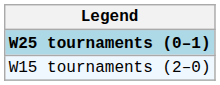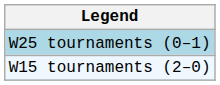 <table class="wikitable" style="font-size:85%">
 <tr>
 <th>Legend</th>
 </tr>
 <tr style="background:lightblue;">
-<td><strong>W25 tournaments (0–1)</strong></td>
+<td>W25 tournaments (0–1)</td>
 </tr>
 <tr style="background:#f0f8ff;">
 <td>W15 tournaments (2–0)</td>
 </tr>
 </table>
